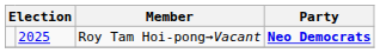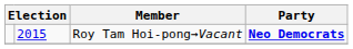 <table class="wikitable">
 <tr>
 <th colspan="2">Election</th>
 <th>Member</th>
 <th>Party</th>
 </tr>
 <tr>
 <td style="background-color:"></td>
-<td><a href='#'>2025</a></td>
+<td><a href='#'>2015</a></td>
 <td>Roy Tam Hoi-pong→<em>Vacant</em></td>
 <td><strong><a href='#'>Neo Democrats</a></strong></td>
 </tr>
 <tr>
 </tr>
 </table>
